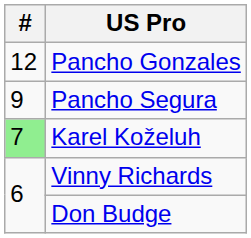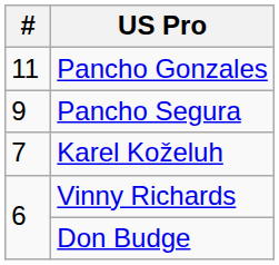 <table class=wikitable style="display:inline-table;">
 <tr>
 <th width=20>#</th>
 <th>US Pro</th>
 </tr>
 <tr>
-<td>12</td>
+<td>11</td>
 <td> <a href='#'>Pancho Gonzales</a></td>
 </tr>
 <tr>
 <td>9</td>
 <td> <a href='#'>Pancho Segura</a></td>
 </tr>
 <tr>
-<td style="background: lightgreen;">7</td>
+<td>7</td>
 <td> <a href='#'>Karel Koželuh</a></td>
 </tr>
 <tr>
 <td rowspan="2">6</td>
 <td> <a href='#'>Vinny Richards</a></td>
 </tr>
 <tr>
 <td> <a href='#'>Don Budge</a></td>
 </tr>
 </table>
